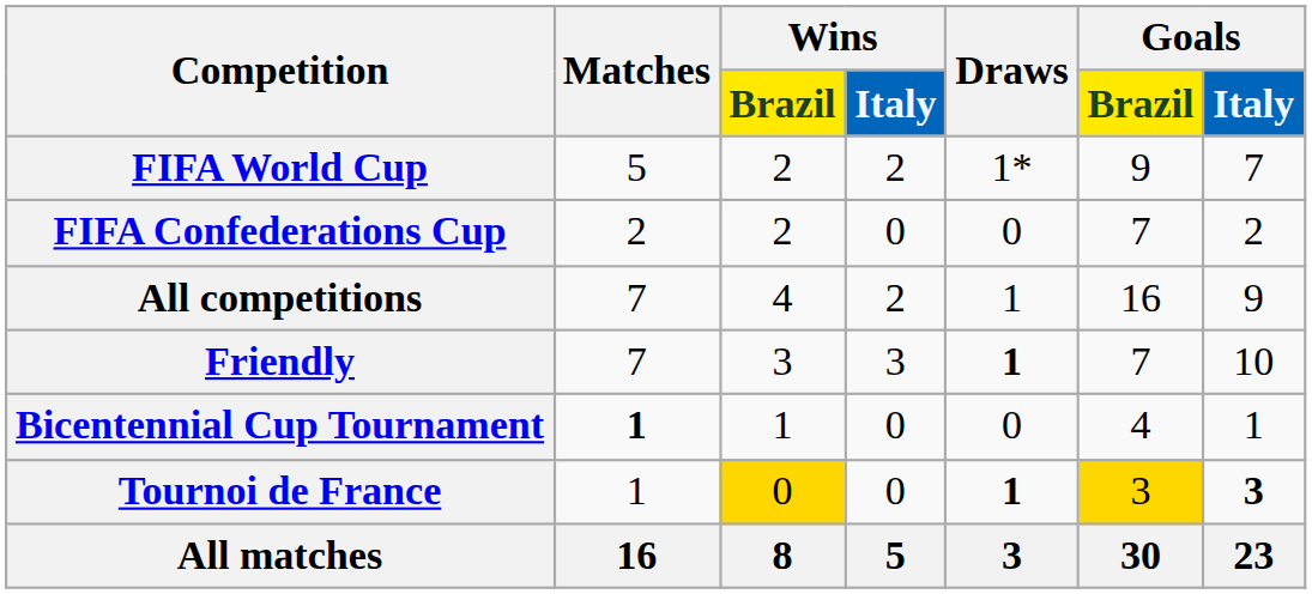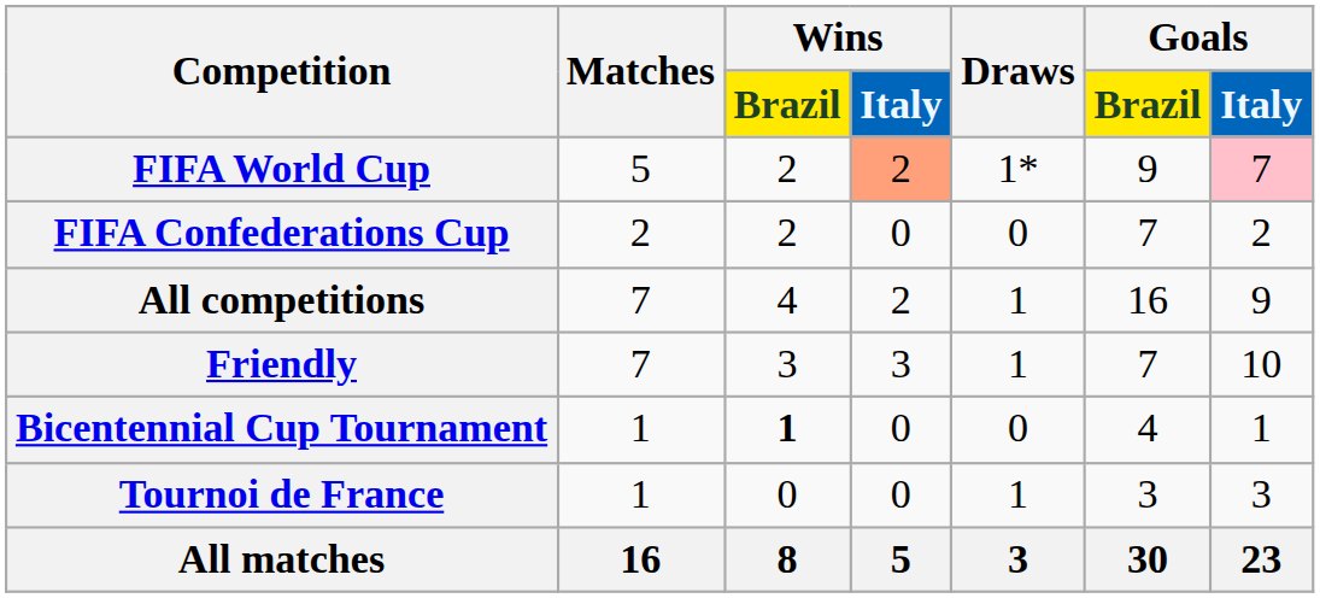 <table class="wikitable sortable" style="text-align:center;">
 <tr>
 <th rowspan="2">Competition</th>
 <th rowspan="2">Matches</th>
 <th colspan="2">Wins</th>
 <th rowspan="2">Draws</th>
 <th colspan="2">Goals</th>
 </tr>
 <tr>
 <th style="color:#1B4125; background-color:#FFE900;">Brazil</th>
 <th style="color:#F0F8FF; background-color:#0066BC;">Italy</th>
 <th style="color:#1B4125; background-color:#FFE900;">Brazil</th>
 <th style="color:#F0F8FF; background-color:#0066BC;">Italy</th>
 </tr>
 <tr>
 <th scope=row><a href='#'>FIFA World Cup</a></th>
 <td>5</td>
 <td>2</td>
-<td>2</td>
+<td style="background: lightsalmon;">2</td>
 <td>1*</td>
 <td>9</td>
-<td>7</td>
+<td style="background: pink;">7</td>
 </tr>
 <tr>
 <th scope=row><a href='#'>FIFA Confederations Cup</a></th>
 <td>2</td>
 <td>2</td>
 <td>0</td>
 <td>0</td>
 <td>7</td>
 <td>2</td>
 </tr>
 <tr>
 <th scope=row>All competitions</th>
 <td>7</td>
 <td>4</td>
 <td>2</td>
 <td>1</td>
 <td>16</td>
 <td>9</td>
 </tr>
 <tr>
 <th scope=row><a href='#'>Friendly</a></th>
 <td>7</td>
 <td>3</td>
 <td>3</td>
-<td><strong>1</strong></td>
+<td>1</td>
 <td>7</td>
 <td>10</td>
 </tr>
 <tr>
 <th scope=row><a href='#'>Bicentennial Cup Tournament</a></th>
+<td>1</td>
 <td><strong>1</strong></td>
-<td>1</td>
 <td>0</td>
 <td>0</td>
 <td>4</td>
 <td>1</td>
 </tr>
 <tr>
 <th scope=row><a href='#'>Tournoi de France</a></th>
 <td>1</td>
-<td style="background: gold;">0</td>
 <td>0</td>
-<td><strong>1</strong></td>
-<td style="background: gold;">3</td>
-<td><strong>3</strong></td>
+<td>0</td>
+<td>1</td>
+<td>3</td>
+<td>3</td>
 </tr>
 <tr>
 <th scope=row>All matches</th>
 <th scope=row>16</th>
 <th>8</th>
 <th>5</th>
 <th>3</th>
 <th>30</th>
 <th>23</th>
 </tr>
 </table>
